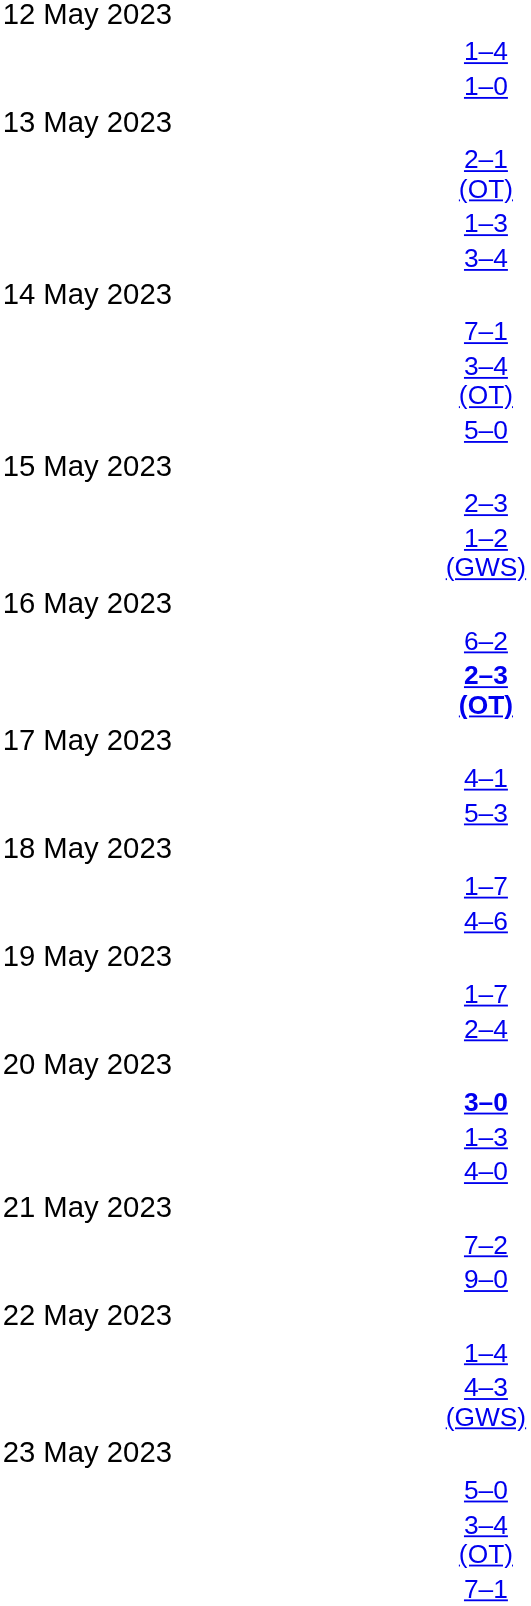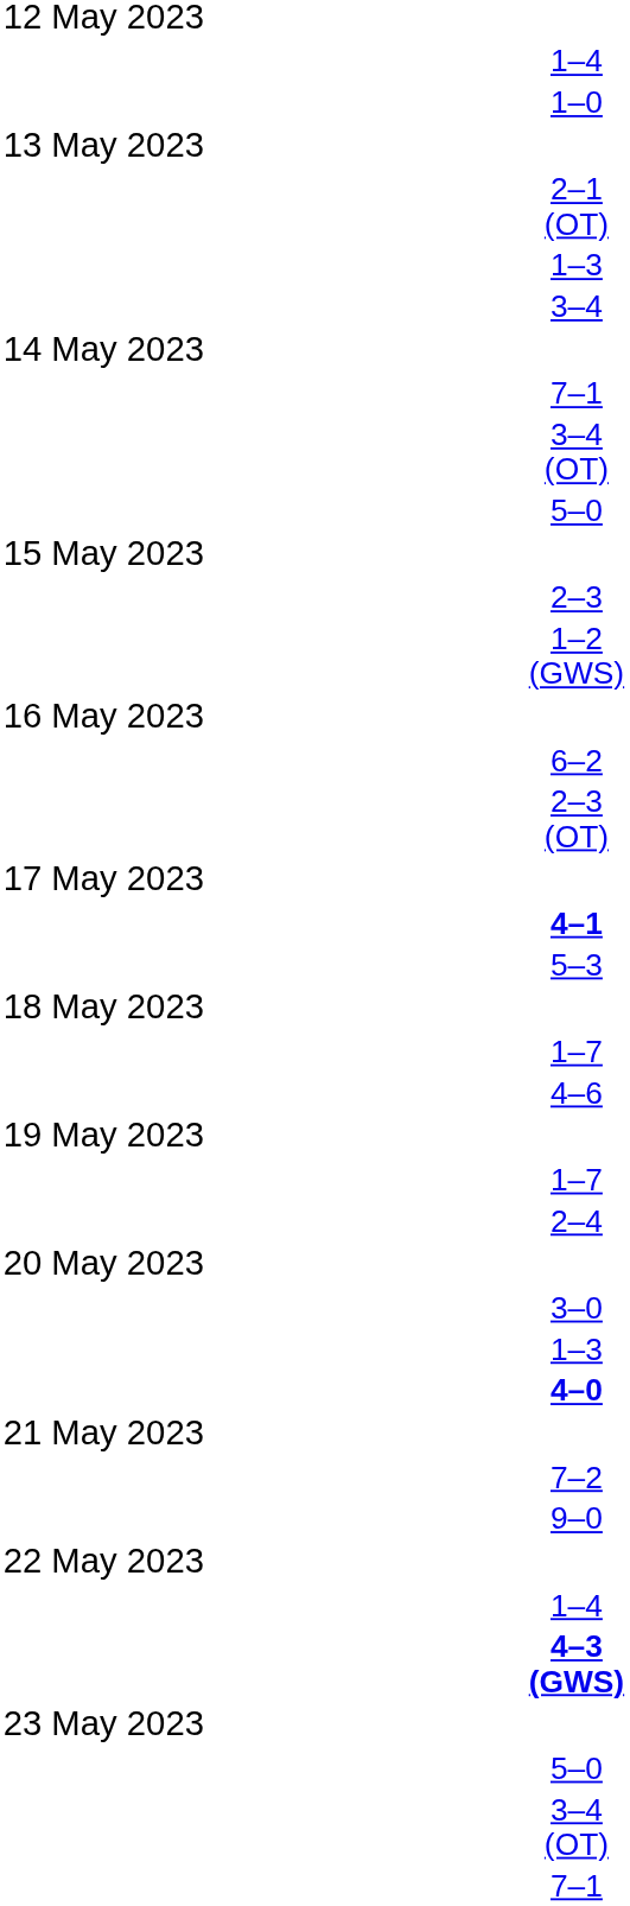 <table style="width:100%;" cellspacing="1">
 <tr>
 <th width=25%></th>
 <th width=2%></th>
 <th width=6%></th>
 <th width=2%></th>
 <th width=25%></th>
 </tr>
 <tr>
 <td>12 May 2023</td>
 </tr>
 <tr style=font-size:90%>
 <td align=right></td>
 <td></td>
 <td align=center><a href='#'>1–4</a></td>
 <td></td>
 <td></td>
 <td></td>
 </tr>
 <tr style=font-size:90%>
 <td align=right></td>
 <td></td>
 <td align=center><a href='#'>1–0</a></td>
 <td></td>
 <td></td>
 <td></td>
 </tr>
 <tr>
 <td>13 May 2023</td>
 </tr>
 <tr style=font-size:90%>
 <td align=right></td>
 <td></td>
 <td align=center><a href='#'>2–1 (OT)</a></td>
 <td></td>
 <td></td>
 <td></td>
 </tr>
 <tr style=font-size:90%>
 <td align=right></td>
 <td></td>
 <td align=center><a href='#'>1–3</a></td>
 <td></td>
 <td></td>
 <td></td>
 </tr>
 <tr style=font-size:90%>
 <td align=right></td>
 <td></td>
 <td align=center><a href='#'>3–4</a></td>
 <td></td>
 <td></td>
 <td></td>
 </tr>
 <tr>
 <td>14 May 2023</td>
 </tr>
 <tr style=font-size:90%>
 <td align=right></td>
 <td></td>
 <td align=center><a href='#'>7–1</a></td>
 <td></td>
 <td></td>
 <td></td>
 </tr>
 <tr style=font-size:90%>
 <td align=right></td>
 <td></td>
 <td align=center><a href='#'>3–4 (OT)</a></td>
 <td></td>
 <td></td>
 <td></td>
 </tr>
 <tr style=font-size:90%>
 <td align=right></td>
 <td></td>
 <td align=center><a href='#'>5–0</a></td>
 <td></td>
 <td></td>
 <td></td>
 </tr>
 <tr>
 <td>15 May 2023</td>
 </tr>
 <tr style=font-size:90%>
 <td align=right></td>
 <td></td>
 <td align=center><a href='#'>2–3</a></td>
 <td></td>
 <td></td>
 <td></td>
 </tr>
 <tr style=font-size:90%>
 <td align=right></td>
 <td></td>
 <td align=center><a href='#'>1–2 (GWS)</a></td>
 <td></td>
 <td></td>
 <td></td>
 </tr>
 <tr>
 <td>16 May 2023</td>
 </tr>
 <tr style=font-size:90%>
 <td align=right></td>
 <td></td>
 <td align=center><a href='#'>6–2</a></td>
 <td></td>
 <td></td>
 <td></td>
 </tr>
 <tr style=font-size:90%>
 <td align=right></td>
 <td></td>
-<td align=center><strong><a href='#'>2–3 (OT)</a></strong></td>
+<td align=center><a href='#'>2–3 (OT)</a></td>
 <td></td>
 <td></td>
 <td></td>
 </tr>
 <tr>
 <td>17 May 2023</td>
 </tr>
 <tr style=font-size:90%>
 <td align=right></td>
 <td></td>
-<td align=center><a href='#'>4–1</a></td>
+<td align=center><strong><a href='#'>4–1</a></strong></td>
 <td></td>
 <td></td>
 <td></td>
 </tr>
 <tr style=font-size:90%>
 <td align=right></td>
 <td></td>
 <td align=center><a href='#'>5–3</a></td>
 <td></td>
 <td></td>
 <td></td>
 </tr>
 <tr>
 <td>18 May 2023</td>
 </tr>
 <tr style=font-size:90%>
 <td align=right></td>
 <td></td>
 <td align=center><a href='#'>1–7</a></td>
 <td></td>
 <td></td>
 <td></td>
 </tr>
 <tr style=font-size:90%>
 <td align=right></td>
 <td></td>
 <td align=center><a href='#'>4–6</a></td>
 <td></td>
 <td></td>
 <td></td>
 </tr>
 <tr>
 <td>19 May 2023</td>
 </tr>
 <tr style=font-size:90%>
 <td align=right></td>
 <td></td>
 <td align=center><a href='#'>1–7</a></td>
 <td></td>
 <td></td>
 <td></td>
 </tr>
 <tr style=font-size:90%>
 <td align=right></td>
 <td></td>
 <td align=center><a href='#'>2–4</a></td>
 <td></td>
 <td></td>
 <td></td>
 </tr>
 <tr>
 <td>20 May 2023</td>
 </tr>
 <tr style=font-size:90%>
 <td align=right></td>
 <td></td>
-<td align=center><strong><a href='#'>3–0</a></strong></td>
+<td align=center><a href='#'>3–0</a></td>
 <td></td>
 <td></td>
 <td></td>
 </tr>
 <tr style=font-size:90%>
 <td align=right></td>
 <td></td>
 <td align=center><a href='#'>1–3</a></td>
 <td></td>
 <td></td>
 <td></td>
 </tr>
 <tr style=font-size:90%>
 <td align=right></td>
 <td></td>
-<td align=center><a href='#'>4–0</a></td>
+<td align=center><strong><a href='#'>4–0</a></strong></td>
 <td></td>
 <td></td>
 <td></td>
 </tr>
 <tr>
 <td>21 May 2023</td>
 </tr>
 <tr style=font-size:90%>
 <td align=right></td>
 <td></td>
 <td align=center><a href='#'>7–2</a></td>
 <td></td>
 <td></td>
 <td></td>
 </tr>
 <tr style=font-size:90%>
 <td align=right></td>
 <td></td>
 <td align=center><a href='#'>9–0</a></td>
 <td></td>
 <td></td>
 <td></td>
 </tr>
 <tr>
 <td>22 May 2023</td>
 </tr>
 <tr style=font-size:90%>
 <td align=right></td>
 <td></td>
 <td align=center><a href='#'>1–4</a></td>
 <td></td>
 <td></td>
 <td></td>
 </tr>
 <tr style=font-size:90%>
 <td align=right></td>
 <td></td>
-<td align=center><a href='#'>4–3 (GWS)</a></td>
+<td align=center><strong><a href='#'>4–3 (GWS)</a></strong></td>
 <td></td>
 <td></td>
 <td></td>
 </tr>
 <tr>
 <td>23 May 2023</td>
 </tr>
 <tr style=font-size:90%>
 <td align=right></td>
 <td></td>
 <td align=center><a href='#'>5–0</a></td>
 <td></td>
 <td></td>
 <td></td>
 </tr>
 <tr style=font-size:90%>
 <td align=right></td>
 <td></td>
 <td align=center><a href='#'>3–4 (OT)</a></td>
 <td></td>
 <td></td>
 <td></td>
 </tr>
 <tr style=font-size:90%>
 <td align=right></td>
 <td></td>
 <td align=center><a href='#'>7–1</a></td>
 <td></td>
 <td></td>
 <td></td>
 </tr>
 </table>
